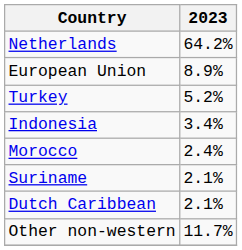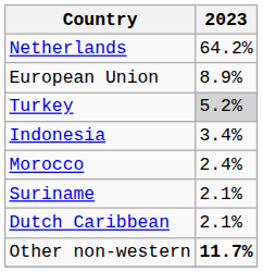 <table class="wikitable">
 <tr>
 <th>Country</th>
 <th>2023</th>
 </tr>
 <tr>
 <td> <a href='#'>Netherlands</a></td>
 <td>64.2%</td>
 </tr>
 <tr>
 <td> European Union</td>
 <td>8.9%</td>
 </tr>
 <tr>
 <td> <a href='#'>Turkey</a></td>
-<td>5.2%</td>
+<td style="background: lightgrey;">5.2%</td>
 </tr>
 <tr>
 <td> <a href='#'>Indonesia</a></td>
 <td>3.4%</td>
 </tr>
 <tr>
 <td> <a href='#'>Morocco</a></td>
 <td>2.4%</td>
 </tr>
 <tr>
 <td> <a href='#'>Suriname</a></td>
 <td>2.1%</td>
 </tr>
 <tr>
 <td> <a href='#'>Dutch Caribbean</a></td>
 <td>2.1%</td>
 </tr>
 <tr>
 <td>Other non-western</td>
-<td>11.7%</td>
+<td><strong>11.7%</strong></td>
 </tr>
 <tr>
 </tr>
 </table>
